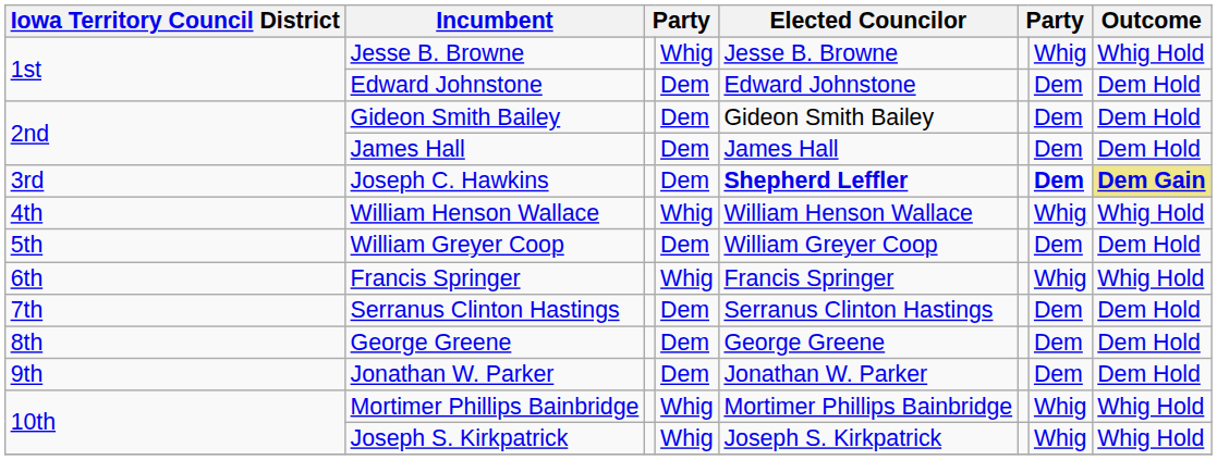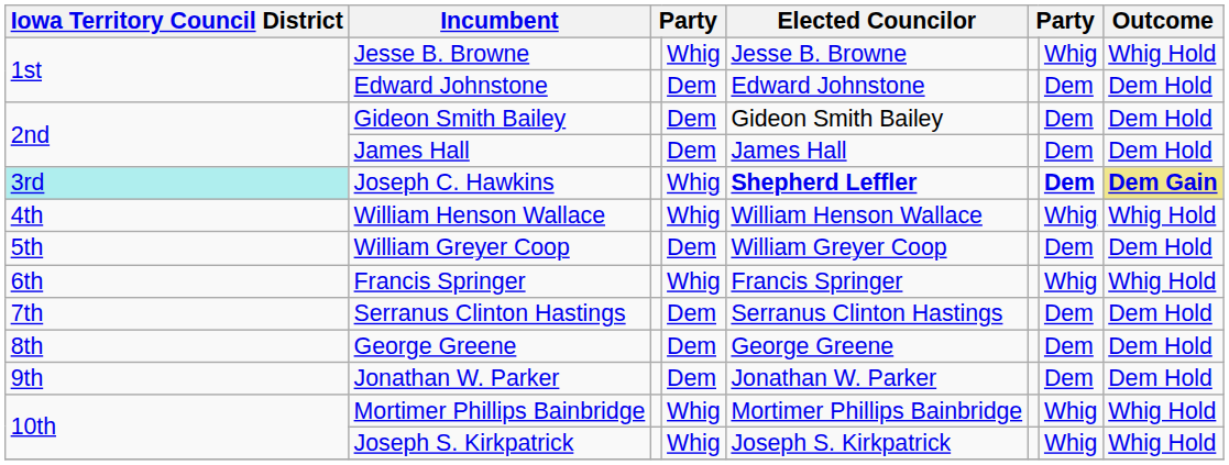 <table class="sortable wikitable" style="font-size:95%;line-height:14px;">
 <tr>
 <th class="sortable"><a href='#'>Iowa Territory Council</a> District</th>
 <th class="sortable"><a href='#'>Incumbent</a></th>
 <th colspan="2">Party</th>
 <th class="sortable">Elected Councilor</th>
 <th colspan="2">Party</th>
 <th class="sortable">Outcome</th>
 </tr>
 <tr>
 <td rowspan="2"><a href='#'>1st</a></td>
 <td><a href='#'>Jesse B. Browne</a></td>
 <td style="background:"></td>
 <td><a href='#'>Whig</a></td>
 <td><a href='#'>Jesse B. Browne</a></td>
 <td style="background:"></td>
 <td><a href='#'>Whig</a></td>
 <td><a href='#'>Whig Hold</a></td>
 </tr>
 <tr>
 <td><a href='#'>Edward Johnstone</a></td>
 <td style="background:"></td>
 <td><a href='#'>Dem</a></td>
 <td><a href='#'>Edward Johnstone</a></td>
 <td style="background:"></td>
 <td><a href='#'>Dem</a></td>
 <td><a href='#'>Dem Hold</a></td>
 </tr>
 <tr>
 <td rowspan="2"><a href='#'>2nd</a></td>
 <td><a href='#'>Gideon Smith Bailey</a></td>
 <td style="background:"></td>
 <td><a href='#'>Dem</a></td>
 <td>Gideon Smith Bailey</td>
 <td style="background:"></td>
 <td><a href='#'>Dem</a></td>
 <td><a href='#'>Dem Hold</a></td>
 </tr>
 <tr>
 <td><a href='#'>James Hall</a></td>
 <td style="background:"></td>
 <td><a href='#'>Dem</a></td>
 <td><a href='#'>James Hall</a></td>
 <td style="background:"></td>
 <td><a href='#'>Dem</a></td>
 <td><a href='#'>Dem Hold</a></td>
 </tr>
 <tr>
-<td><a href='#'>3rd</a></td>
+<td style="background: paleturquoise;"><a href='#'>3rd</a></td>
 <td><a href='#'>Joseph C. Hawkins</a></td>
 <td style="background:"></td>
-<td><a href='#'>Dem</a></td>
+<td><a href='#'>Whig</a></td>
 <td><strong><a href='#'>Shepherd Leffler</a></strong></td>
 <td style="background:"></td>
 <td><strong><a href='#'>Dem</a></strong></td>
 <td style="background: khaki;"><strong><a href='#'>Dem Gain</a></strong></td>
 </tr>
 <tr>
 <td><a href='#'>4th</a></td>
 <td><a href='#'>William Henson Wallace</a></td>
 <td style="background:"></td>
 <td><a href='#'>Whig</a></td>
 <td><a href='#'>William Henson Wallace</a></td>
 <td style="background:"></td>
 <td><a href='#'>Whig</a></td>
 <td><a href='#'>Whig Hold</a></td>
 </tr>
 <tr>
 <td><a href='#'>5th</a></td>
 <td><a href='#'>William Greyer Coop</a></td>
 <td style="background:"></td>
 <td><a href='#'>Dem</a></td>
 <td><a href='#'>William Greyer Coop</a></td>
 <td style="background:"></td>
 <td><a href='#'>Dem</a></td>
 <td><a href='#'>Dem Hold</a></td>
 </tr>
 <tr>
 <td><a href='#'>6th</a></td>
 <td><a href='#'>Francis Springer</a></td>
 <td style="background:"></td>
 <td><a href='#'>Whig</a></td>
 <td><a href='#'>Francis Springer</a></td>
 <td style="background:"></td>
 <td><a href='#'>Whig</a></td>
 <td><a href='#'>Whig Hold</a></td>
 </tr>
 <tr>
 <td><a href='#'>7th</a></td>
 <td><a href='#'>Serranus Clinton Hastings</a></td>
 <td style="background:"></td>
 <td><a href='#'>Dem</a></td>
 <td><a href='#'>Serranus Clinton Hastings</a></td>
 <td style="background:"></td>
 <td><a href='#'>Dem</a></td>
 <td><a href='#'>Dem Hold</a></td>
 </tr>
 <tr>
 <td><a href='#'>8th</a></td>
 <td><a href='#'>George Greene</a></td>
 <td style="background:"></td>
 <td><a href='#'>Dem</a></td>
 <td><a href='#'>George Greene</a></td>
 <td style="background:"></td>
 <td><a href='#'>Dem</a></td>
 <td><a href='#'>Dem Hold</a></td>
 </tr>
 <tr>
 <td><a href='#'>9th</a></td>
 <td><a href='#'>Jonathan W. Parker</a></td>
 <td style="background:"></td>
 <td><a href='#'>Dem</a></td>
 <td><a href='#'>Jonathan W. Parker</a></td>
 <td style="background:"></td>
 <td><a href='#'>Dem</a></td>
 <td><a href='#'>Dem Hold</a></td>
 </tr>
 <tr>
 <td rowspan="2"><a href='#'>10th</a></td>
 <td><a href='#'>Mortimer Phillips Bainbridge</a></td>
 <td style="background:"></td>
 <td><a href='#'>Whig</a></td>
 <td><a href='#'>Mortimer Phillips Bainbridge</a></td>
 <td style="background:"></td>
 <td><a href='#'>Whig</a></td>
 <td><a href='#'>Whig Hold</a></td>
 </tr>
 <tr>
 <td><a href='#'>Joseph S. Kirkpatrick</a></td>
 <td style="background:"></td>
 <td><a href='#'>Whig</a></td>
 <td><a href='#'>Joseph S. Kirkpatrick</a></td>
 <td style="background:"></td>
 <td><a href='#'>Whig</a></td>
 <td><a href='#'>Whig Hold</a></td>
 </tr>
 <tr>
 </tr>
 </table>
